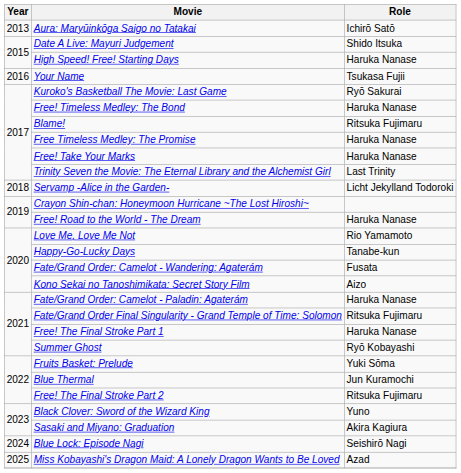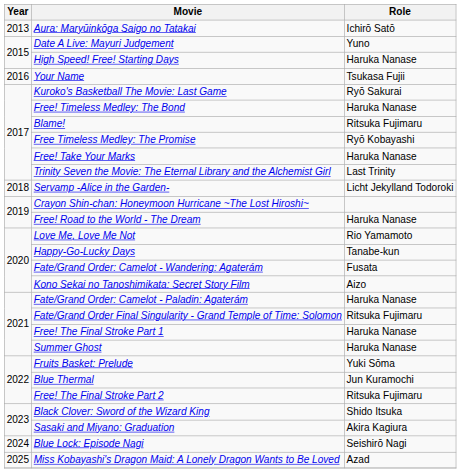 <table class="wikitable">
 <tr>
 <th>Year</th>
 <th>Movie</th>
 <th>Role</th>
 </tr>
 <tr>
 <td>2013</td>
 <td><em><a href='#'>Aura: Maryūinkōga Saigo no Tatakai</a></em></td>
 <td>Ichirō Satō</td>
 </tr>
 <tr>
 <td rowspan="2">2015</td>
 <td><em><a href='#'>Date A Live: Mayuri Judgement</a></em></td>
-<td>Shido Itsuka</td>
+<td>Yuno</td>
 </tr>
 <tr>
 <td><em><a href='#'>High Speed! Free! Starting Days</a></em></td>
 <td>Haruka Nanase</td>
 </tr>
 <tr>
 <td>2016</td>
 <td><em><a href='#'>Your Name</a></em></td>
 <td>Tsukasa Fujii</td>
 </tr>
 <tr>
 <td rowspan="6">2017</td>
 <td><em><a href='#'>Kuroko's Basketball The Movie: Last Game</a></em></td>
 <td>Ryō Sakurai</td>
 </tr>
 <tr>
 <td><em> <a href='#'>Free! Timeless Medley: The Bond</a></em></td>
 <td>Haruka Nanase</td>
 </tr>
 <tr>
 <td><em><a href='#'>Blame!</a></em></td>
 <td>Ritsuka Fujimaru</td>
 </tr>
 <tr>
 <td><em><a href='#'>Free Timeless Medley: The Promise</a></em></td>
-<td>Haruka Nanase</td>
+<td>Ryō Kobayashi</td>
 </tr>
 <tr>
 <td><em><a href='#'>Free! Take Your Marks</a></em></td>
 <td>Haruka Nanase</td>
 </tr>
 <tr>
 <td><em><a href='#'>Trinity Seven the Movie: The Eternal Library and the Alchemist Girl</a></em></td>
 <td>Last Trinity</td>
 </tr>
 <tr>
 <td>2018</td>
 <td><em><a href='#'>Servamp -Alice in the Garden-</a></em></td>
 <td>Licht Jekylland Todoroki</td>
 </tr>
 <tr>
 <td rowspan="2">2019</td>
 <td><em><a href='#'>Crayon Shin-chan: Honeymoon Hurricane ~The Lost Hiroshi~</a></em></td>
 <td></td>
 </tr>
 <tr>
 <td><em><a href='#'>Free! Road to the World - The Dream</a></em></td>
 <td>Haruka Nanase</td>
 </tr>
 <tr>
 <td rowspan="4">2020</td>
 <td><em><a href='#'>Love Me, Love Me Not</a></em></td>
 <td>Rio Yamamoto</td>
 </tr>
 <tr>
 <td><em><a href='#'>Happy-Go-Lucky Days</a></em></td>
 <td>Tanabe-kun</td>
 </tr>
 <tr>
 <td><em><a href='#'>Fate/Grand Order: Camelot - Wandering: Agaterám</a></em></td>
 <td>Fusata</td>
 </tr>
 <tr>
 <td><em><a href='#'>Kono Sekai no Tanoshimikata: Secret Story Film</a></em></td>
 <td>Aizo</td>
 </tr>
 <tr>
 <td rowspan="4">2021</td>
 <td><em><a href='#'>Fate/Grand Order: Camelot - Paladin: Agaterám</a></em></td>
 <td>Haruka Nanase</td>
 </tr>
 <tr>
 <td><em><a href='#'>Fate/Grand Order Final Singularity - Grand Temple of Time: Solomon</a></em></td>
 <td>Ritsuka Fujimaru</td>
 </tr>
 <tr>
 <td><em><a href='#'>Free! The Final Stroke Part 1</a></em></td>
 <td>Haruka Nanase</td>
 </tr>
 <tr>
 <td><em><a href='#'>Summer Ghost</a></em></td>
-<td>Ryō Kobayashi</td>
+<td>Haruka Nanase</td>
 </tr>
 <tr>
 <td rowspan="3">2022</td>
 <td><em><a href='#'>Fruits Basket: Prelude</a></em></td>
 <td>Yuki Sōma</td>
 </tr>
 <tr>
 <td><em><a href='#'>Blue Thermal</a></em></td>
 <td>Jun Kuramochi</td>
 </tr>
 <tr>
 <td><em><a href='#'>Free! The Final Stroke Part 2</a></em></td>
 <td>Ritsuka Fujimaru</td>
 </tr>
 <tr>
 <td rowspan="2">2023</td>
 <td><em><a href='#'>Black Clover: Sword of the Wizard King</a></em></td>
-<td>Yuno</td>
+<td>Shido Itsuka</td>
 </tr>
 <tr>
 <td><em><a href='#'>Sasaki and Miyano: Graduation</a></em></td>
 <td>Akira Kagiura</td>
 </tr>
 <tr>
 <td>2024</td>
 <td><em><a href='#'>Blue Lock: Episode Nagi</a></em></td>
 <td>Seishirō Nagi</td>
 </tr>
 <tr>
 <td>2025</td>
 <td><em><a href='#'>Miss Kobayashi's Dragon Maid: A Lonely Dragon Wants to Be Loved</a></em></td>
 <td>Azad</td>
 </tr>
 <tr>
 </tr>
 </table>
